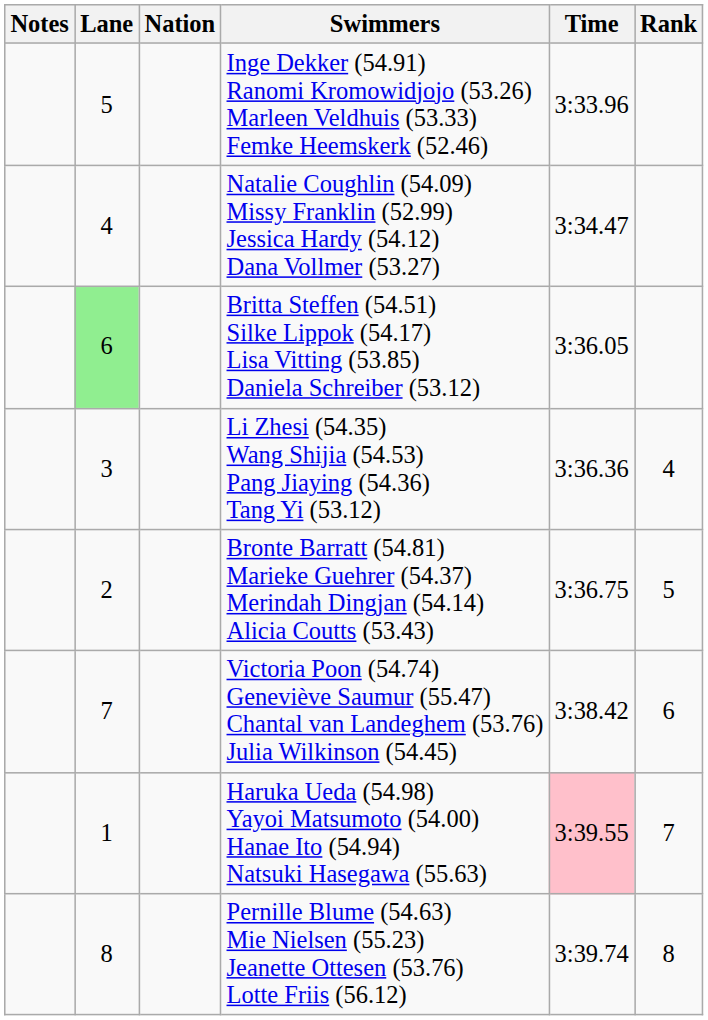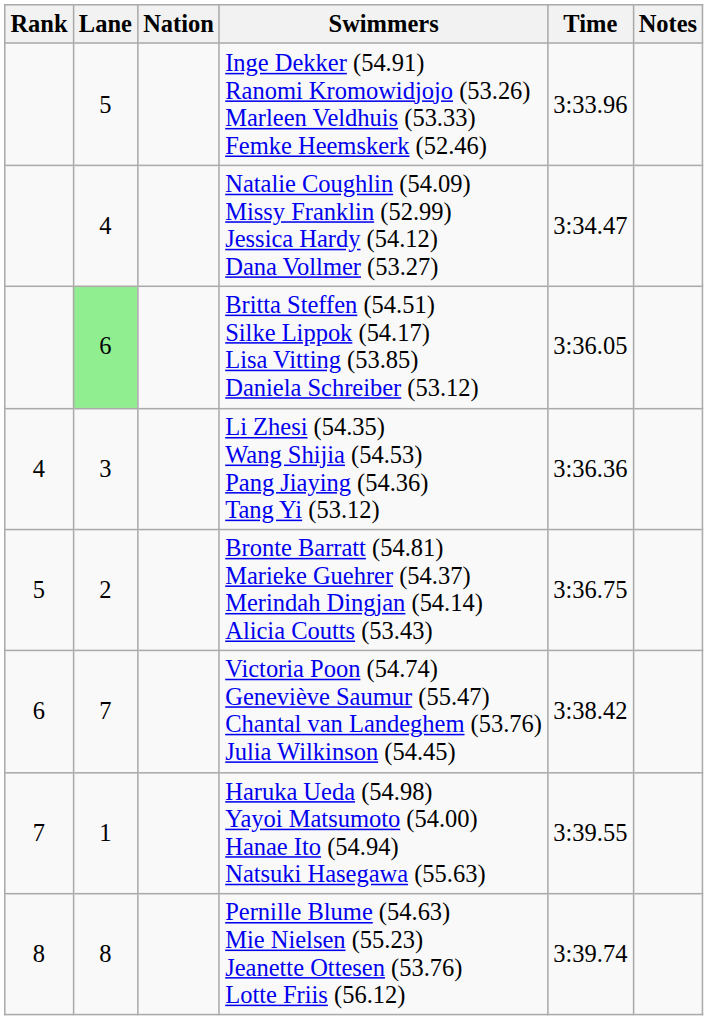 <table class="wikitable sortable" style="text-align:center">
 <tr>
-<th>Notes</th>
+<th>Rank</th>
 <th>Lane</th>
 <th>Nation</th>
 <th>Swimmers</th>
 <th>Time</th>
-<th>Rank</th>
+<th>Notes</th>
 </tr>
 <tr>
 <td></td>
 <td>5</td>
 <td align=left></td>
 <td align=left><a href='#'>Inge Dekker</a> (54.91)<br><a href='#'>Ranomi Kromowidjojo</a> (53.26)<br><a href='#'>Marleen Veldhuis</a> (53.33)<br><a href='#'>Femke Heemskerk</a> (52.46)</td>
 <td>3:33.96</td>
 <td></td>
 </tr>
 <tr>
 <td></td>
 <td>4</td>
 <td align=left></td>
 <td align=left><a href='#'>Natalie Coughlin</a> (54.09)<br><a href='#'>Missy Franklin</a> (52.99)<br><a href='#'>Jessica Hardy</a> (54.12)<br><a href='#'>Dana Vollmer</a> (53.27)</td>
 <td>3:34.47</td>
 <td></td>
 </tr>
 <tr>
 <td></td>
 <td style="background: lightgreen;">6</td>
 <td align=left></td>
 <td align=left><a href='#'>Britta Steffen</a> (54.51)<br><a href='#'>Silke Lippok</a> (54.17)<br><a href='#'>Lisa Vitting</a> (53.85)<br><a href='#'>Daniela Schreiber</a> (53.12)</td>
 <td>3:36.05</td>
 <td></td>
 </tr>
 <tr>
-<td></td>
+<td>4</td>
 <td>3</td>
 <td align=left></td>
 <td align=left><a href='#'>Li Zhesi</a> (54.35)<br><a href='#'>Wang Shijia</a> (54.53)<br><a href='#'>Pang Jiaying</a> (54.36)<br><a href='#'>Tang Yi</a> (53.12)</td>
 <td>3:36.36</td>
-<td>4</td>
+<td></td>
 </tr>
 <tr>
-<td></td>
+<td>5</td>
 <td>2</td>
 <td align=left></td>
 <td align=left><a href='#'>Bronte Barratt</a> (54.81)<br><a href='#'>Marieke Guehrer</a> (54.37)<br><a href='#'>Merindah Dingjan</a> (54.14)<br> <a href='#'>Alicia Coutts</a> (53.43)</td>
 <td>3:36.75</td>
-<td>5</td>
+<td></td>
 </tr>
 <tr>
-<td></td>
+<td>6</td>
 <td>7</td>
 <td align=left></td>
 <td align=left><a href='#'>Victoria Poon</a> (54.74)<br><a href='#'>Geneviève Saumur</a> (55.47)<br><a href='#'>Chantal van Landeghem</a> (53.76)<br> <a href='#'>Julia Wilkinson</a> (54.45)</td>
 <td>3:38.42</td>
-<td>6</td>
+<td></td>
 </tr>
 <tr>
-<td></td>
+<td>7</td>
 <td>1</td>
 <td align=left></td>
 <td align=left><a href='#'>Haruka Ueda</a> (54.98)<br><a href='#'>Yayoi Matsumoto</a> (54.00)<br><a href='#'>Hanae Ito</a> (54.94)<br><a href='#'>Natsuki Hasegawa</a> (55.63)</td>
-<td style="background: pink;">3:39.55</td>
-<td>7</td>
+<td>3:39.55</td>
+<td></td>
 </tr>
 <tr>
-<td></td>
+<td>8</td>
 <td>8</td>
 <td align=left></td>
 <td align=left><a href='#'>Pernille Blume</a> (54.63)<br><a href='#'>Mie Nielsen</a> (55.23)<br><a href='#'>Jeanette Ottesen</a> (53.76)<br><a href='#'>Lotte Friis</a> (56.12)</td>
 <td>3:39.74</td>
-<td>8</td>
+<td></td>
 </tr>
 </table>
